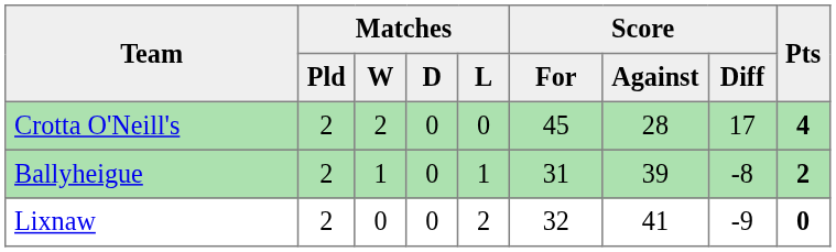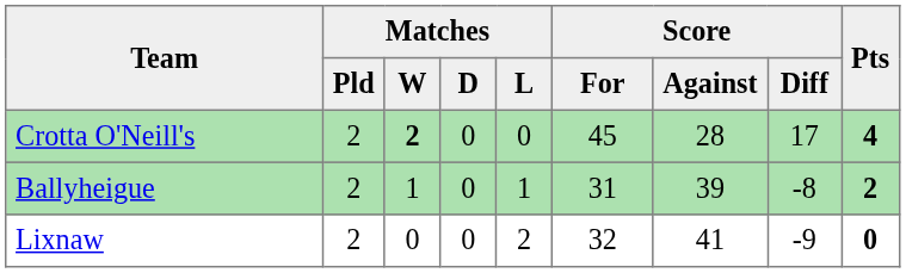 <table style=border-collapse:collapse border=1 cellspacing=0 cellpadding=5>
 <tr align=center bgcolor=#efefef>
 <th rowspan=2 width=165>Team</th>
 <th colspan=4>Matches</th>
 <th colspan=3>Score</th>
 <th rowspan=2width=20>Pts</th>
 </tr>
 <tr align=center bgcolor=#efefef>
 <th width=20>Pld</th>
 <th width=20>W</th>
 <th width=20>D</th>
 <th width=20>L</th>
 <th width=45>For</th>
 <th width=45>Against</th>
 <th width=30>Diff</th>
 </tr>
 <tr align=center style="background:#ACE1AF;">
 <td style="text-align:left;"><a href='#'>Crotta O'Neill's</a></td>
 <td>2</td>
-<td>2</td>
+<td><strong>2</strong></td>
 <td>0</td>
 <td>0</td>
 <td>45</td>
 <td>28</td>
 <td>17</td>
 <td><strong>4</strong></td>
 </tr>
 <tr align=center style="background:#ACE1AF;">
 <td style="text-align:left;"><a href='#'>Ballyheigue</a></td>
 <td>2</td>
 <td>1</td>
 <td>0</td>
 <td>1</td>
 <td>31</td>
 <td>39</td>
 <td>-8</td>
 <td><strong>2</strong></td>
 </tr>
 <tr align=center>
 <td style="text-align:left;"><a href='#'>Lixnaw</a></td>
 <td>2</td>
 <td>0</td>
 <td>0</td>
 <td>2</td>
 <td>32</td>
 <td>41</td>
 <td>-9</td>
 <td><strong>0</strong></td>
 </tr>
 </table>
